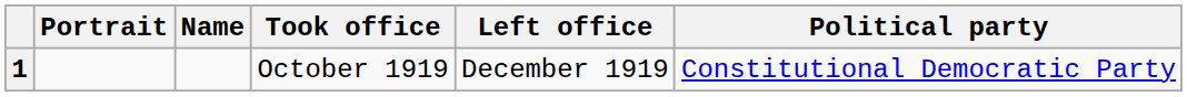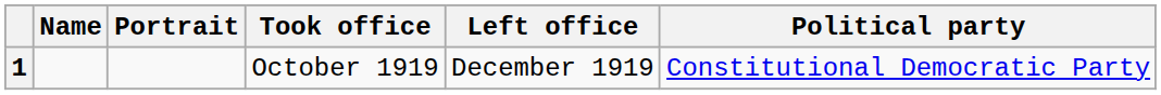 <table class="wikitable" style="text-align:center">
 <tr>
 <th></th>
+<th>Name</th>
 <th>Portrait</th>
-<th>Name</th>
 <th>Took office</th>
 <th>Left office</th>
 <th>Political party</th>
 </tr>
 <tr>
 <th style="background:">1</th>
 <td></td>
 <td></td>
 <td>October 1919</td>
 <td>December 1919</td>
 <td><a href='#'>Constitutional Democratic Party</a></td>
 </tr>
 </table>
